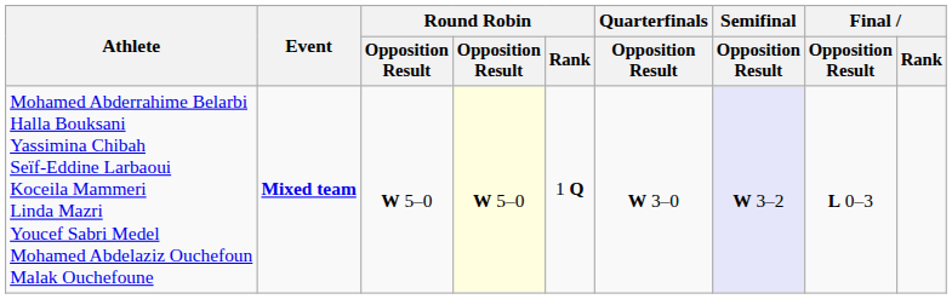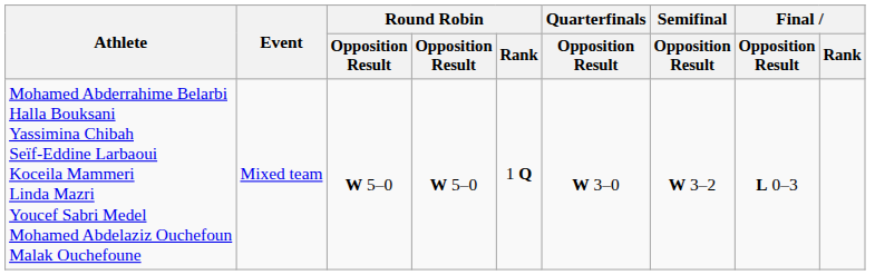 <table class="wikitable" style="font-size:90%">
 <tr>
 <th rowspan="2">Athlete</th>
 <th rowspan="2">Event</th>
 <th colspan="3">Round Robin</th>
 <th>Quarterfinals</th>
 <th>Semifinal</th>
 <th colspan=2>Final / </th>
 </tr>
 <tr style="font-size: 95%">
 <th>Opposition<br>Result</th>
 <th>Opposition<br>Result</th>
 <th>Rank</th>
 <th>Opposition<br>Result</th>
 <th>Opposition<br>Result</th>
 <th>Opposition<br>Result</th>
 <th>Rank</th>
 </tr>
 <tr align=center>
 <td align=left><a href='#'>Mohamed Abderrahime Belarbi</a><br><a href='#'>Halla Bouksani</a><br><a href='#'>Yassimina Chibah</a><br><a href='#'>Seïf-Eddine Larbaoui</a><br><a href='#'>Koceila Mammeri</a><br><a href='#'>Linda Mazri</a><br><a href='#'>Youcef Sabri Medel</a><br><a href='#'>Mohamed Abdelaziz Ouchefoun</a><br><a href='#'>Malak Ouchefoune</a></td>
-<td align=left><strong><a href='#'>Mixed team</a></strong></td>
+<td align=left><a href='#'>Mixed team</a></td>
 <td><br><strong>W</strong> 5–0</td>
-<td style="background: lightyellow;"><br><strong>W</strong> 5–0</td>
+<td><br><strong>W</strong> 5–0</td>
 <td>1 <strong>Q</strong></td>
 <td><br><strong>W</strong> 3–0</td>
-<td style="background: lavender;"><br><strong>W</strong> 3–2</td>
+<td><br><strong>W</strong> 3–2</td>
 <td><br><strong>L</strong> 0–3</td>
 <td></td>
 </tr>
 </table>
